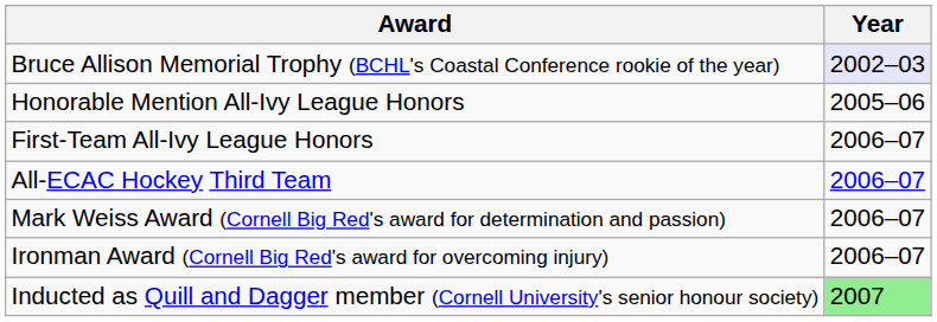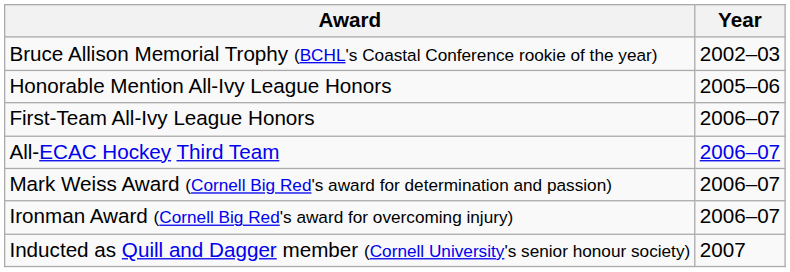 <table class="wikitable">
 <tr>
 <th>Award</th>
 <th>Year</th>
 </tr>
 <tr>
 <td>Bruce Allison Memorial Trophy <small>(<a href='#'>BCHL</a>'s Coastal Conference rookie of the year)</small></td>
-<td style="background: lavender;">2002–03</td>
+<td>2002–03</td>
 </tr>
 <tr>
 <td>Honorable Mention All-Ivy League Honors</td>
 <td>2005–06</td>
 </tr>
 <tr>
 <td>First-Team All-Ivy League Honors</td>
 <td>2006–07</td>
 </tr>
 <tr>
 <td>All-<a href='#'>ECAC Hockey</a> <a href='#'>Third Team</a></td>
 <td><a href='#'>2006–07</a></td>
 </tr>
 <tr>
 <td>Mark Weiss Award <small>(<a href='#'>Cornell Big Red</a>'s award for determination and passion)</small></td>
 <td>2006–07</td>
 </tr>
 <tr>
 <td>Ironman Award <small>(<a href='#'>Cornell Big Red</a>'s award for overcoming injury)</small></td>
 <td>2006–07</td>
 </tr>
 <tr>
 <td>Inducted as <a href='#'>Quill and Dagger</a> member <small>(<a href='#'>Cornell University</a>'s senior honour society)</small></td>
-<td style="background: lightgreen;">2007</td>
+<td>2007</td>
 </tr>
 </table>
